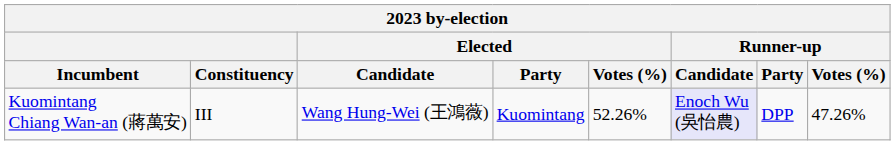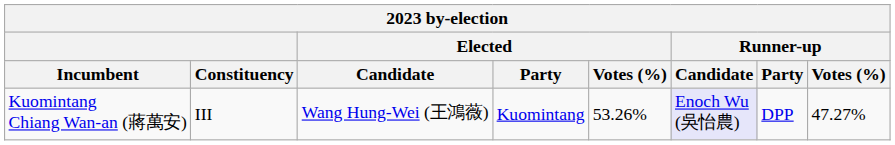 <table class="wikitable collapsible sortable">
 <tr>
 <th colspan="8">2023 by-election</th>
 </tr>
 <tr>
 <th colspan="2"> </th>
 <th colspan="3">Elected</th>
 <th colspan="3">Runner-up</th>
 </tr>
 <tr>
 <th>Incumbent</th>
 <th>Constituency</th>
 <th>Candidate</th>
 <th>Party</th>
 <th>Votes (%)</th>
 <th>Candidate</th>
 <th>Party</th>
 <th>Votes (%)</th>
 </tr>
 <tr>
 <td><a href='#'>Kuomintang</a><br><a href='#'>Chiang Wan-an</a> (蔣萬安)</td>
 <td>III</td>
 <td><a href='#'>Wang Hung-Wei</a>  (王鴻薇) </td>
 <td><a href='#'>Kuomintang</a></td>
-<td>52.26%</td>
+<td>53.26%</td>
 <td style="background: lavender;"><a href='#'>Enoch Wu</a><br>(吳怡農)</td>
 <td><a href='#'>DPP</a></td>
-<td>47.26%</td>
+<td>47.27%</td>
 </tr>
 </table>
